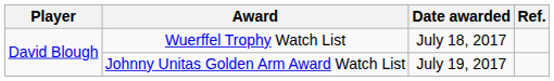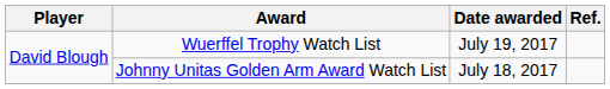 <table class="wikitable sortable sortable" style="text-align: center">
 <tr align=center>
 <th>Player</th>
 <th>Award</th>
 <th>Date awarded</th>
 <th>Ref.</th>
 </tr>
 <tr>
 <td rowspan="3"><a href='#'>David Blough</a></td>
 <td><a href='#'>Wuerffel Trophy</a> Watch List</td>
-<td>July 18, 2017</td>
+<td>July 19, 2017</td>
 <td></td>
 </tr>
 <tr>
 <td><a href='#'>Johnny Unitas Golden Arm Award</a> Watch List</td>
-<td>July 19, 2017</td>
+<td>July 18, 2017</td>
 <td></td>
 </tr>
 </table>
